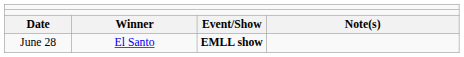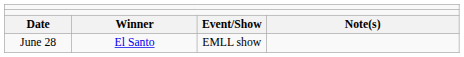 <table class="wikitable" style="text-align:center; width:100%;">
 <tr>
 <td colspan=5></td>
 </tr>
 <tr>
 <td colspan=5><strong></strong></td>
 </tr>
 <tr>
 <th width=14%>Date</th>
 <th width=26%>Winner</th>
 <th width=14%>Event/Show</th>
 <th width=40%>Note(s)</th>
 </tr>
 <tr>
 <td>June 28</td>
 <td><a href='#'>El Santo</a></td>
-<td><strong>EMLL show</strong></td>
+<td>EMLL show</td>
 <td align=left></td>
 </tr>
 </table>
